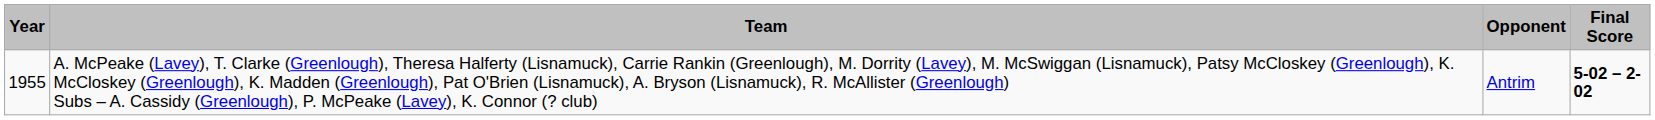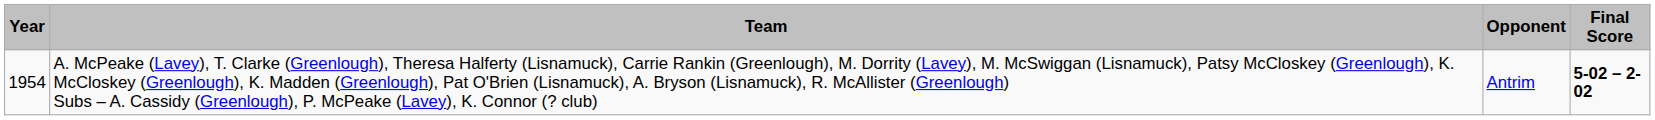 <table class="wikitable">
 <tr>
 <th style="background:silver;">Year</th>
 <th style="background:silver;">Team</th>
 <th style="background:silver;">Opponent</th>
 <th style="background:silver;">Final Score</th>
 </tr>
 <tr>
-<td>1955</td>
+<td>1954</td>
 <td>A. McPeake (<a href='#'>Lavey</a>), T. Clarke (<a href='#'>Greenlough</a>), Theresa Halferty (Lisnamuck), Carrie Rankin (Greenlough), M. Dorrity (<a href='#'>Lavey</a>), M. McSwiggan (Lisnamuck), Patsy McCloskey (<a href='#'>Greenlough</a>), K. McCloskey (<a href='#'>Greenlough</a>), K. Madden (<a href='#'>Greenlough</a>), Pat O'Brien (Lisnamuck), A. Bryson (Lisnamuck), R. McAllister (<a href='#'>Greenlough</a>)<br>Subs – A. Cassidy (<a href='#'>Greenlough</a>), P. McPeake (<a href='#'>Lavey</a>), K. Connor (? club)</td>
 <td><a href='#'>Antrim</a></td>
 <td><strong>5-02 – 2-02</strong></td>
 </tr>
 </table>
